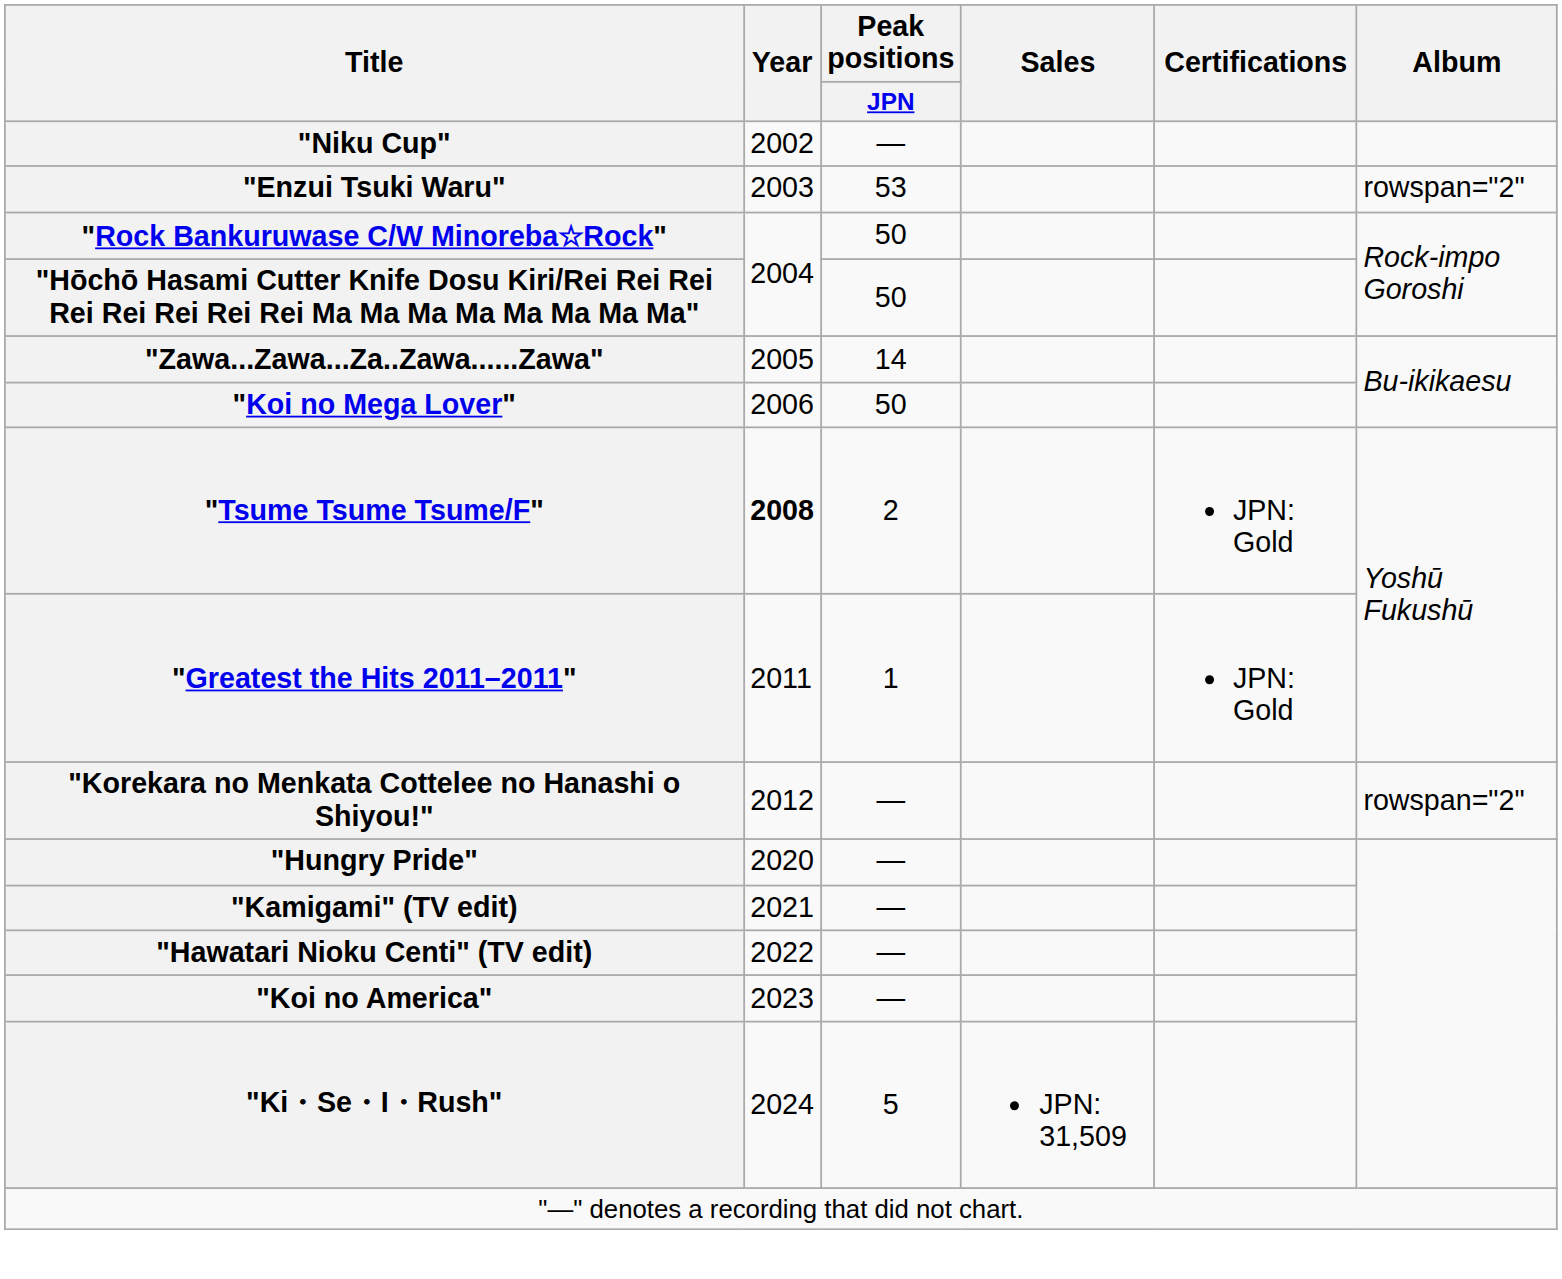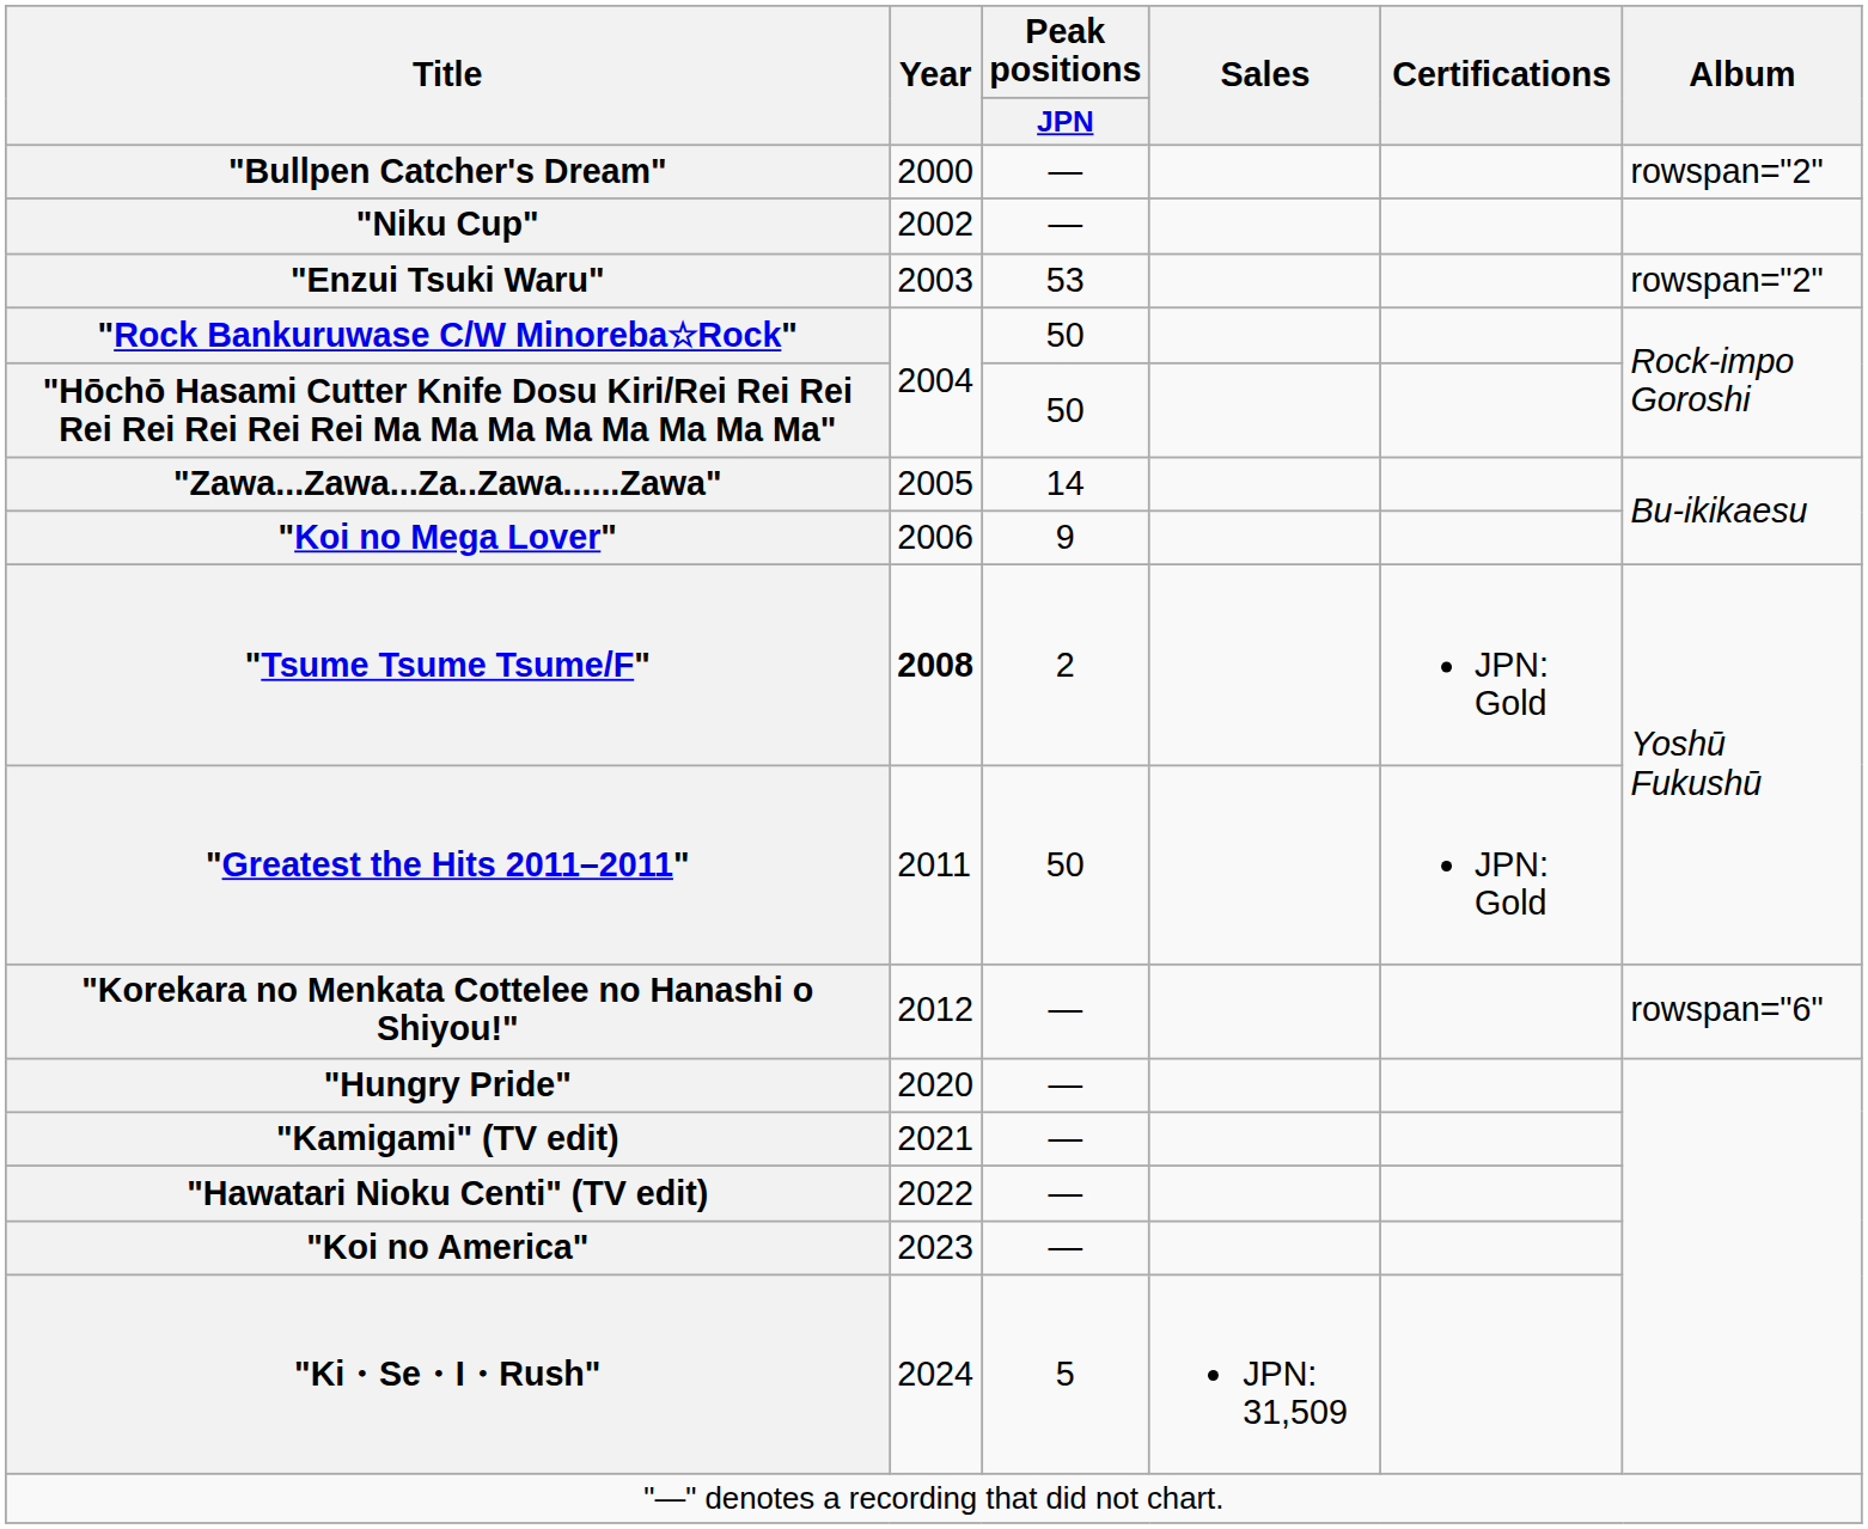 <table class="wikitable plainrowheaders">
 <tr>
 <th scope="col" rowspan="2">Title</th>
 <th scope="col" rowspan="2">Year</th>
 <th scope="col">Peak<br>positions</th>
 <th scope="col" rowspan="2">Sales</th>
 <th scope="col" rowspan="2">Certifications</th>
 <th scope="col" rowspan="2">Album</th>
 </tr>
 <tr>
 <th scope="col" style="width:4em;font-size:85%"><a href='#'>JPN</a><br></th>
+</tr>
+<tr>
+<th scope="row">"Bullpen Catcher's Dream"</th>
+<td>2000</td>
+<td align="center">—</td>
+<td></td>
+<td></td>
+<td>rowspan="2" </td>
 </tr>
 <tr>
 <th scope="row">"Niku Cup"</th>
 <td>2002</td>
 <td align="center">—</td>
 <td></td>
 <td></td>
 </tr>
 <tr>
 <th scope="row">"Enzui Tsuki Waru"</th>
 <td>2003</td>
 <td align="center">53</td>
 <td></td>
 <td></td>
 <td>rowspan="2" </td>
 </tr>
 <tr>
 <th scope="row">"<a href='#'>Rock Bankuruwase C/W Minoreba☆Rock</a>"</th>
 <td rowspan="2">2004</td>
 <td align="center">50</td>
 <td></td>
 <td></td>
 <td rowspan="2"><em>Rock-impo Goroshi</em></td>
 </tr>
 <tr>
 <th scope="row">"Hōchō Hasami Cutter Knife Dosu Kiri/Rei Rei Rei Rei Rei Rei Rei Rei Ma Ma Ma Ma Ma Ma Ma Ma"</th>
 <td align="center">50</td>
 <td></td>
 <td></td>
 </tr>
 <tr>
 <th scope="row">"Zawa...Zawa...Za..Zawa......Zawa"</th>
 <td>2005</td>
 <td align="center">14</td>
 <td></td>
 <td></td>
 <td rowspan="2"><em>Bu-ikikaesu</em></td>
 </tr>
 <tr>
 <th scope="row">"<a href='#'>Koi no Mega Lover</a>"</th>
 <td>2006</td>
-<td align="center">50</td>
+<td align="center">9</td>
 <td></td>
 <td></td>
 </tr>
 <tr>
 <th scope="row">"<a href='#'>Tsume Tsume Tsume/F</a>"</th>
 <td><strong>2008</strong></td>
 <td align="center">2</td>
 <td></td>
 <td><br><ul><li>JPN: Gold</li></ul></td>
 <td rowspan="2"><em>Yoshū Fukushū</em></td>
 </tr>
 <tr>
 <th scope="row">"<a href='#'>Greatest the Hits 2011–2011</a>"</th>
 <td>2011</td>
-<td align="center">1</td>
+<td align="center">50</td>
 <td></td>
 <td><br><ul><li>JPN: Gold</li></ul></td>
 </tr>
 <tr>
 <th scope="row">"Korekara no Menkata Cottelee no Hanashi o Shiyou!"</th>
 <td>2012</td>
 <td align="center">—</td>
 <td></td>
 <td></td>
-<td>rowspan="2" </td>
+<td>rowspan="6" </td>
 </tr>
 <tr>
 <th scope="row">"Hungry Pride"</th>
 <td>2020</td>
 <td align="center">—</td>
 <td></td>
 <td></td>
 </tr>
 <tr>
 <th scope="row">"Kamigami" (TV edit)</th>
 <td>2021</td>
 <td align="center">—</td>
 <td></td>
 <td></td>
 </tr>
 <tr>
 <th scope="row">"Hawatari Nioku Centi" (TV edit)</th>
 <td>2022</td>
 <td align="center">—</td>
 <td></td>
 <td></td>
 </tr>
 <tr>
 <th scope="row">"Koi no America"</th>
 <td>2023</td>
 <td align="center">—</td>
 <td></td>
 <td></td>
 </tr>
 <tr>
 <th scope="row">"Ki・Se・I・Rush"</th>
 <td>2024</td>
 <td align="center">5</td>
 <td><br><ul><li>JPN: 31,509</li></ul></td>
 <td></td>
 </tr>
 <tr>
 <td align="center" colspan="6" style="font-size:90%">"—" denotes a recording that did not chart.</td>
 </tr>
 </table>
